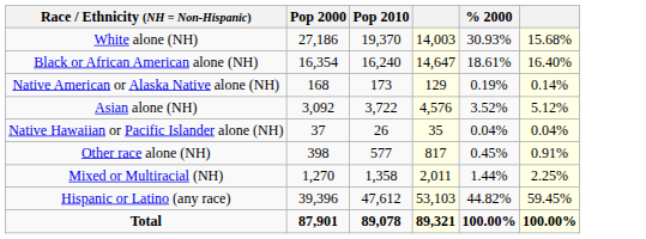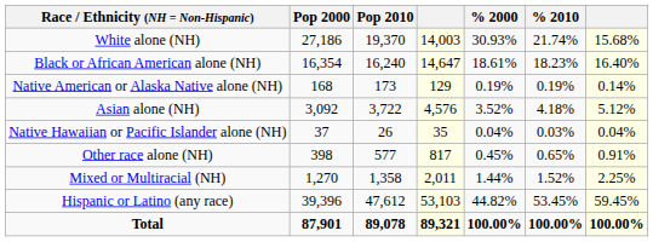 <table class="wikitable" style="text-align:center;">
 <tr>
 <th>Race / Ethnicity <small>(<em>NH = Non-Hispanic</em>)</small></th>
 <th>Pop 2000</th>
 <th>Pop 2010</th>
 <th></th>
 <th>% 2000</th>
+<th>% 2010</th>
 <th></th>
 </tr>
 <tr>
 <td><a href='#'>White</a> alone (NH)</td>
 <td>27,186</td>
 <td>19,370</td>
 <td style='background: #ffffe6;'>14,003</td>
 <td>30.93%</td>
+<td>21.74%</td>
 <td style='background: #ffffe6;'>15.68%</td>
 </tr>
 <tr>
 <td><a href='#'>Black or African American</a> alone (NH)</td>
 <td>16,354</td>
 <td>16,240</td>
 <td style='background: #ffffe6;'>14,647</td>
 <td>18.61%</td>
+<td>18.23%</td>
 <td style='background: #ffffe6;'>16.40%</td>
 </tr>
 <tr>
 <td><a href='#'>Native American</a> or <a href='#'>Alaska Native</a> alone (NH)</td>
 <td>168</td>
 <td>173</td>
 <td style='background: #ffffe6;'>129</td>
+<td>0.19%</td>
 <td>0.19%</td>
 <td style='background: #ffffe6;'>0.14%</td>
 </tr>
 <tr>
 <td><a href='#'>Asian</a> alone (NH)</td>
 <td>3,092</td>
 <td>3,722</td>
 <td style='background: #ffffe6;'>4,576</td>
 <td>3.52%</td>
+<td>4.18%</td>
 <td style='background: #ffffe6;'>5.12%</td>
 </tr>
 <tr>
 <td><a href='#'>Native Hawaiian</a> or <a href='#'>Pacific Islander</a> alone (NH)</td>
 <td>37</td>
 <td>26</td>
 <td style='background: #ffffe6;'>35</td>
 <td>0.04%</td>
+<td>0.03%</td>
 <td style='background: #ffffe6;'>0.04%</td>
 </tr>
 <tr>
 <td><a href='#'>Other race</a> alone (NH)</td>
 <td>398</td>
 <td>577</td>
 <td style='background: #ffffe6;'>817</td>
 <td>0.45%</td>
+<td>0.65%</td>
 <td style='background: #ffffe6;'>0.91%</td>
 </tr>
 <tr>
 <td><a href='#'>Mixed or Multiracial</a> (NH)</td>
 <td>1,270</td>
 <td>1,358</td>
 <td style='background: #ffffe6;'>2,011</td>
 <td>1.44%</td>
+<td>1.52%</td>
 <td style='background: #ffffe6;'>2.25%</td>
 </tr>
 <tr>
 <td><a href='#'>Hispanic or Latino</a> (any race)</td>
 <td>39,396</td>
 <td>47,612</td>
 <td style='background: #ffffe6;'>53,103</td>
 <td>44.82%</td>
+<td>53.45%</td>
 <td style='background: #ffffe6;'>59.45%</td>
 </tr>
 <tr>
 <td><strong>Total</strong></td>
 <td><strong>87,901</strong></td>
 <td><strong>89,078</strong></td>
 <td style='background: #ffffe6;'><strong>89,321</strong></td>
 <td><strong>100.00%</strong></td>
+<td><strong>100.00%</strong></td>
 <td style='background: #ffffe6;'><strong>100.00%</strong></td>
 </tr>
 </table>
